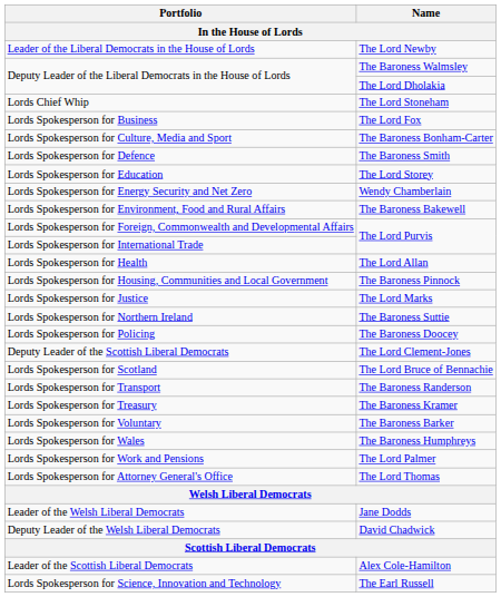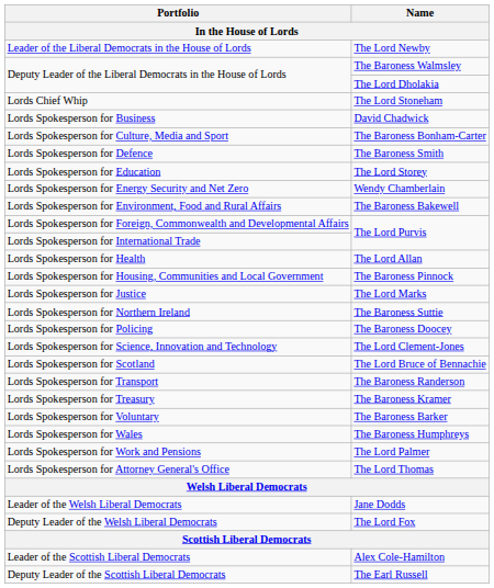 <table class="wikitable">
 <tr>
 <th>Portfolio</th>
 <th>Name</th>
 </tr>
 <tr>
 <th colspan="2">In the House of Lords</th>
 </tr>
 <tr>
 <td><a href='#'>Leader of the Liberal Democrats in the House of Lords</a></td>
 <td> <a href='#'>The Lord Newby</a> </td>
 </tr>
 <tr>
 <td rowspan="2">Deputy Leader of the Liberal Democrats in the House of Lords</td>
 <td> <a href='#'>The Baroness Walmsley</a></td>
 </tr>
 <tr>
 <td> <a href='#'>The Lord Dholakia</a> </td>
 </tr>
 <tr>
 <td>Lords Chief Whip</td>
 <td> <a href='#'>The Lord Stoneham</a></td>
 </tr>
 <tr>
 <td>Lords Spokesperson for <a href='#'>Business</a></td>
-<td> <a href='#'>The Lord Fox</a></td>
+<td><a href='#'>David Chadwick</a> </td>
 </tr>
 <tr>
 <td>Lords Spokesperson for <a href='#'>Culture, Media and Sport</a></td>
 <td> <a href='#'>The Baroness Bonham-Carter</a></td>
 </tr>
 <tr>
 <td>Lords Spokesperson for <a href='#'>Defence</a></td>
 <td> <a href='#'>The Baroness Smith</a></td>
 </tr>
 <tr>
 <td>Lords Spokesperson for <a href='#'>Education</a></td>
 <td> <a href='#'>The Lord Storey</a> </td>
 </tr>
 <tr>
 <td>Lords Spokesperson for <a href='#'>Energy Security and Net Zero</a></td>
 <td><a href='#'>Wendy Chamberlain</a> </td>
 </tr>
 <tr>
 <td>Lords Spokesperson for <a href='#'>Environment, Food and Rural Affairs</a></td>
 <td> <a href='#'>The Baroness Bakewell</a> </td>
 </tr>
 <tr>
 <td>Lords Spokesperson for <a href='#'>Foreign, Commonwealth and Developmental Affairs</a></td>
 <td rowspan="2"> <a href='#'>The Lord Purvis</a></td>
 </tr>
 <tr>
 <td>Lords Spokesperson for <a href='#'>International Trade</a></td>
 </tr>
 <tr>
 <td>Lords Spokesperson for <a href='#'>Health</a></td>
 <td> <a href='#'>The Lord Allan</a></td>
 </tr>
 <tr>
 <td>Lords Spokesperson for <a href='#'>Housing, Communities and Local Government</a></td>
 <td> <a href='#'>The Baroness Pinnock</a></td>
 </tr>
 <tr>
 <td>Lords Spokesperson for <a href='#'>Justice</a></td>
 <td> <a href='#'>The Lord Marks</a> </td>
 </tr>
 <tr>
 <td>Lords Spokesperson for <a href='#'>Northern Ireland</a></td>
 <td> <a href='#'>The Baroness Suttie</a></td>
 </tr>
 <tr>
 <td>Lords Spokesperson for <a href='#'>Policing</a></td>
 <td> <a href='#'>The Baroness Doocey</a> </td>
 </tr>
 <tr>
-<td>Deputy Leader of the <a href='#'>Scottish Liberal Democrats</a></td>
+<td>Lords Spokesperson for <a href='#'>Science, Innovation and Technology</a></td>
 <td> <a href='#'>The Lord Clement-Jones</a> </td>
 </tr>
 <tr>
 <td>Lords Spokesperson for <a href='#'>Scotland</a></td>
 <td> <a href='#'>The Lord Bruce of Bennachie</a> </td>
 </tr>
 <tr>
 <td>Lords Spokesperson for <a href='#'>Transport</a></td>
 <td> <a href='#'>The Baroness Randerson</a></td>
 </tr>
 <tr>
 <td>Lords Spokesperson for <a href='#'>Treasury</a></td>
 <td> <a href='#'>The Baroness Kramer</a> </td>
 </tr>
 <tr>
 <td>Lords Spokesperson for <a href='#'>Voluntary</a></td>
 <td> <a href='#'>The Baroness Barker</a></td>
 </tr>
 <tr>
 <td>Lords Spokesperson for <a href='#'>Wales</a></td>
 <td> <a href='#'>The Baroness Humphreys</a></td>
 </tr>
 <tr>
 <td>Lords Spokesperson for <a href='#'>Work and Pensions</a></td>
 <td> <a href='#'>The Lord Palmer</a> </td>
 </tr>
 <tr>
 <td>Lords Spokesperson for <a href='#'>Attorney General's Office</a></td>
 <td> <a href='#'>The Lord Thomas</a> </td>
 </tr>
 <tr>
 <th colspan="2"><a href='#'>Welsh Liberal Democrats</a></th>
 </tr>
 <tr>
 <td>Leader of the <a href='#'>Welsh Liberal Democrats</a></td>
 <td><a href='#'>Jane Dodds</a> </td>
 </tr>
 <tr>
 <td>Deputy Leader of the <a href='#'>Welsh Liberal Democrats</a></td>
-<td><a href='#'>David Chadwick</a> </td>
+<td> <a href='#'>The Lord Fox</a></td>
 </tr>
 <tr>
 <th colspan="2"><a href='#'>Scottish Liberal Democrats</a></th>
 </tr>
 <tr>
 <td>Leader of the <a href='#'>Scottish Liberal Democrats</a></td>
 <td><a href='#'>Alex Cole-Hamilton</a> </td>
 </tr>
 <tr>
-<td>Lords Spokesperson for <a href='#'>Science, Innovation and Technology</a></td>
+<td>Deputy Leader of the <a href='#'>Scottish Liberal Democrats</a></td>
 <td> <a href='#'>The Earl Russell</a></td>
 </tr>
 </table>
